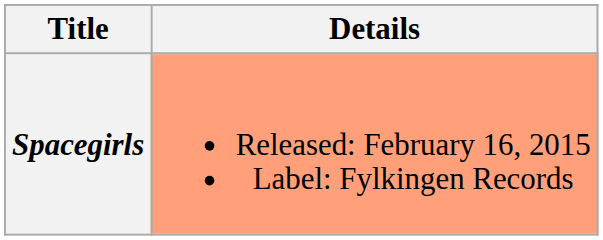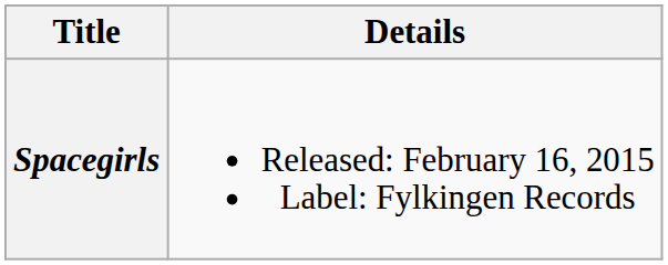 <table class="wikitable plainrowheaders" style="text-align:center;">
 <tr>
 <th scope="col">Title</th>
 <th scope="col">Details</th>
 </tr>
 <tr>
 <th scope="row"><em>Spacegirls</em></th>
-<td style="background: lightsalmon;"><br><ul><li>Released: February 16, 2015</li><li>Label: Fylkingen Records</li></ul></td>
+<td><br><ul><li>Released: February 16, 2015</li><li>Label: Fylkingen Records</li></ul></td>
 </tr>
 </table>
